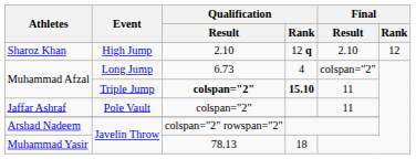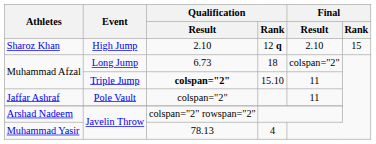 <table class=wikitable style="text-align:center; font-size:90%">
 <tr>
 <th rowspan=2>Athletes</th>
 <th rowspan=2>Event</th>
 <th colspan=2>Qualification</th>
 <th colspan=2>Final</th>
 </tr>
 <tr>
 <th>Result</th>
 <th>Rank</th>
 <th>Result</th>
 <th>Rank</th>
 </tr>
 <tr>
 <td style="text-align:left"><a href='#'>Sharoz Khan</a></td>
 <td><a href='#'>High Jump</a></td>
 <td>2.10 <strong></strong></td>
 <td>12 <strong>q</strong></td>
 <td>2.10<br><strong></strong></td>
-<td>12</td>
+<td>15</td>
 </tr>
 <tr>
 <td align=left rowspan=2>Muhammad Afzal</td>
 <td rowspan=1><a href='#'>Long Jump</a></td>
 <td>6.73</td>
-<td>4</td>
+<td>18</td>
 <td>colspan="2" </td>
 </tr>
 <tr>
 <td rowspan=1><a href='#'>Triple Jump</a></td>
 <td><strong>colspan="2" </strong></td>
-<td><strong>15.10</strong></td>
+<td>15.10</td>
 <td>11</td>
 </tr>
 <tr>
 <td style="text-align:left"><a href='#'>Jaffar Ashraf</a></td>
 <td><a href='#'>Pole Vault</a></td>
 <td>colspan="2" </td>
 <td></td>
 <td>11</td>
 </tr>
 <tr>
 </tr>
 <tr>
 <td style="text-align:left"><a href='#'>Arshad Nadeem</a></td>
 <td rowspan="2"><a href='#'>Javelin Throw</a></td>
 <td>colspan="2" rowspan="2" </td>
 <td colspan="2"></td>
 </tr>
 <tr>
 <td style="text-align:left"><a href='#'>Muhammad Yasir</a></td>
 <td>78.13</td>
-<td>18</td>
+<td>4</td>
 </tr>
 </table>
